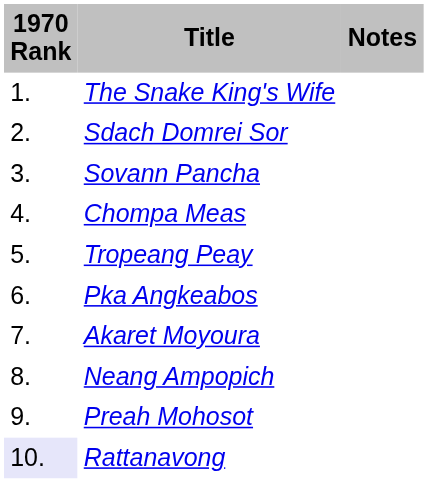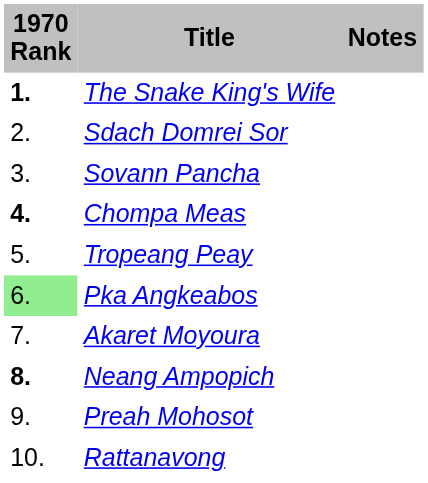 <table cellspacing="0" cellpadding="4" border="0">
 <tr bgcolor="silver" align="center">
 <td rowspan="1"><strong>1970</strong><br><strong>Rank</strong></td>
 <td rowspan="1"><strong>Title</strong></td>
 <td rowspan="1"><strong>Notes</strong></td>
 </tr>
 <tr>
-<td>1.</td>
+<td><strong>1.</strong></td>
 <td><em><a href='#'>The Snake King's Wife</a></em></td>
 <td></td>
 </tr>
 <tr>
 <td>2.</td>
 <td><em><a href='#'>Sdach Domrei Sor</a></em></td>
 <td></td>
 </tr>
 <tr>
 <td>3.</td>
 <td><em><a href='#'>Sovann Pancha</a></em></td>
 <td></td>
 </tr>
 <tr>
-<td>4.</td>
+<td><strong>4.</strong></td>
 <td><em><a href='#'>Chompa Meas</a></em></td>
 <td></td>
 </tr>
 <tr>
 <td>5.</td>
 <td><em><a href='#'>Tropeang Peay</a></em></td>
 <td></td>
 </tr>
 <tr>
-<td>6.</td>
+<td style="background: lightgreen;">6.</td>
 <td><em><a href='#'>Pka Angkeabos</a></em></td>
 <td></td>
 </tr>
 <tr>
 <td>7.</td>
 <td><em><a href='#'>Akaret Moyoura</a></em></td>
 <td></td>
 </tr>
 <tr>
-<td>8.</td>
+<td><strong>8.</strong></td>
 <td><em><a href='#'>Neang Ampopich</a></em></td>
 <td></td>
 </tr>
 <tr>
 <td>9.</td>
 <td><em><a href='#'>Preah Mohosot</a></em></td>
 <td></td>
 </tr>
 <tr>
-<td style="background: lavender;">10.</td>
+<td>10.</td>
 <td><em><a href='#'>Rattanavong</a></em></td>
 <td></td>
 </tr>
 </table>
